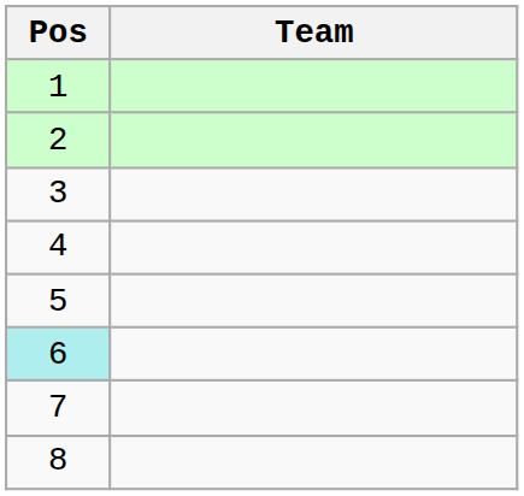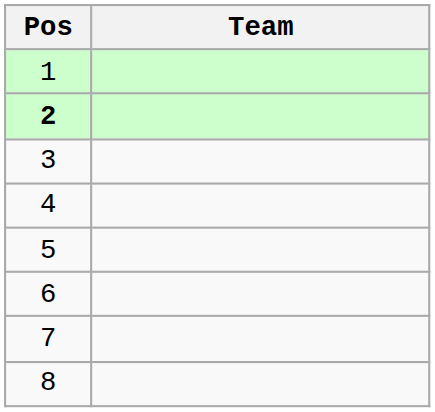 <table class="wikitable" style="text-align:center;">
 <tr>
 <th width=35>Pos</th>
 <th width=155>Team</th>
 </tr>
 <tr bgcolor=ccffcc>
 <td>1</td>
 <td align=left></td>
 </tr>
 <tr bgcolor=ccffcc>
-<td>2</td>
+<td><strong>2</strong></td>
 <td align=left></td>
 </tr>
 <tr>
 <td>3</td>
 <td align=left></td>
 </tr>
 <tr>
 <td>4</td>
 <td align=left></td>
 </tr>
 <tr>
 <td>5</td>
 <td align=left></td>
 </tr>
 <tr>
-<td style="background: paleturquoise;">6</td>
+<td>6</td>
 <td align=left></td>
 </tr>
 <tr>
 <td>7</td>
 <td align=left></td>
 </tr>
 <tr>
 <td>8</td>
 <td align=left></td>
 </tr>
 </table>
